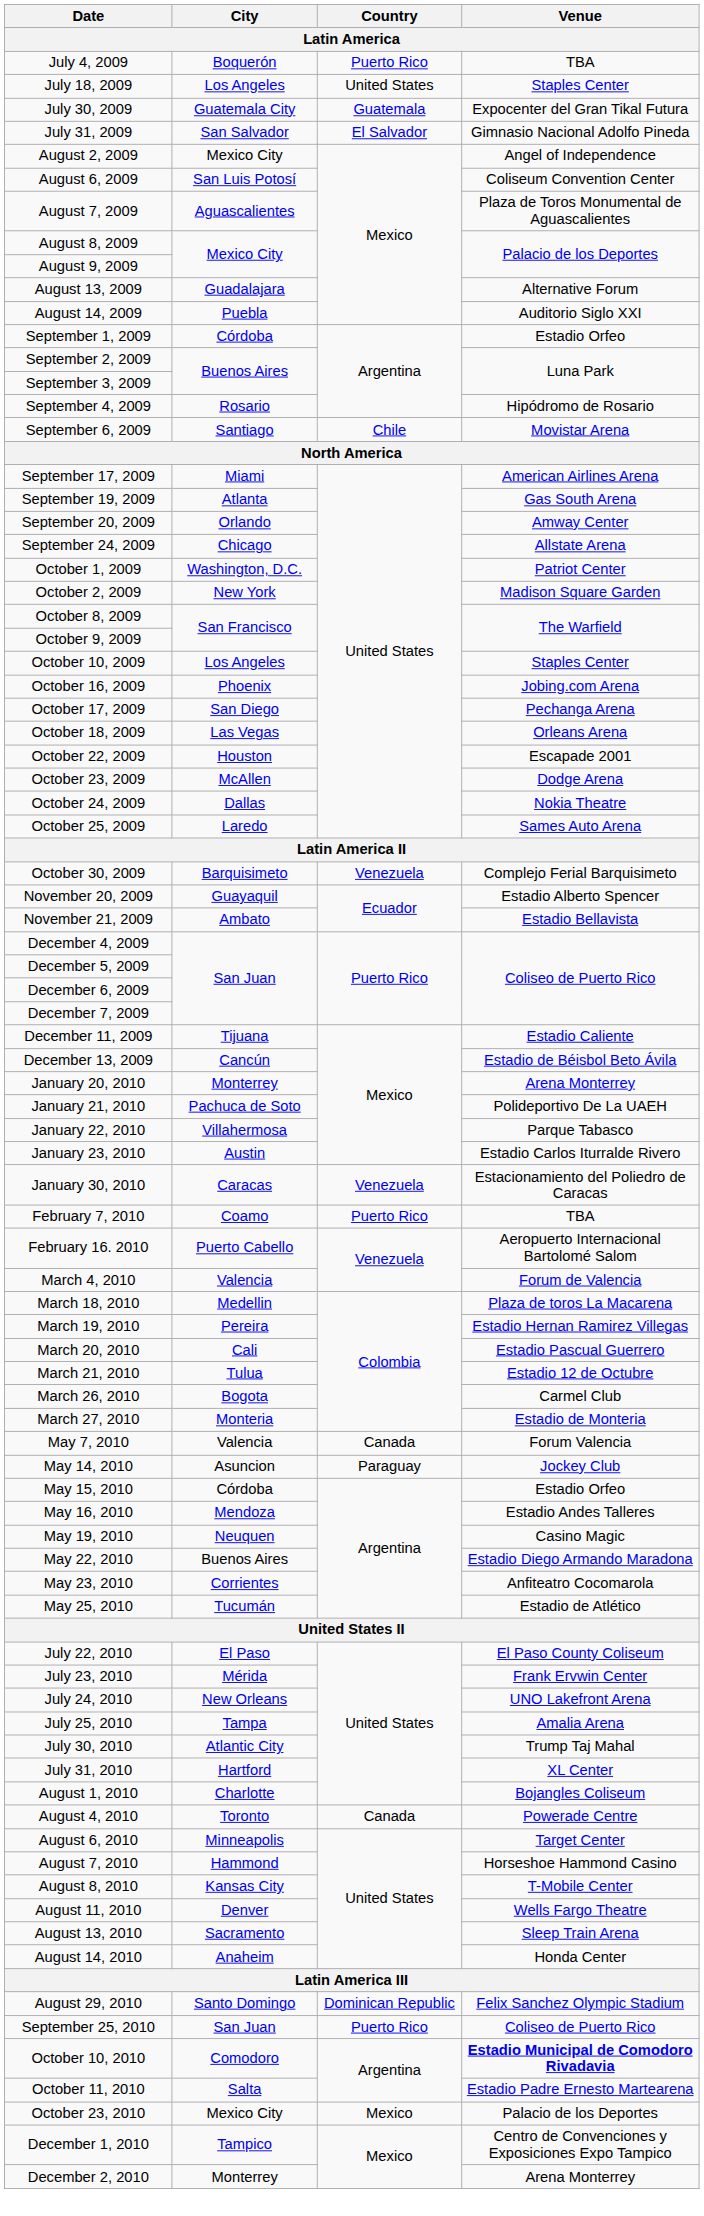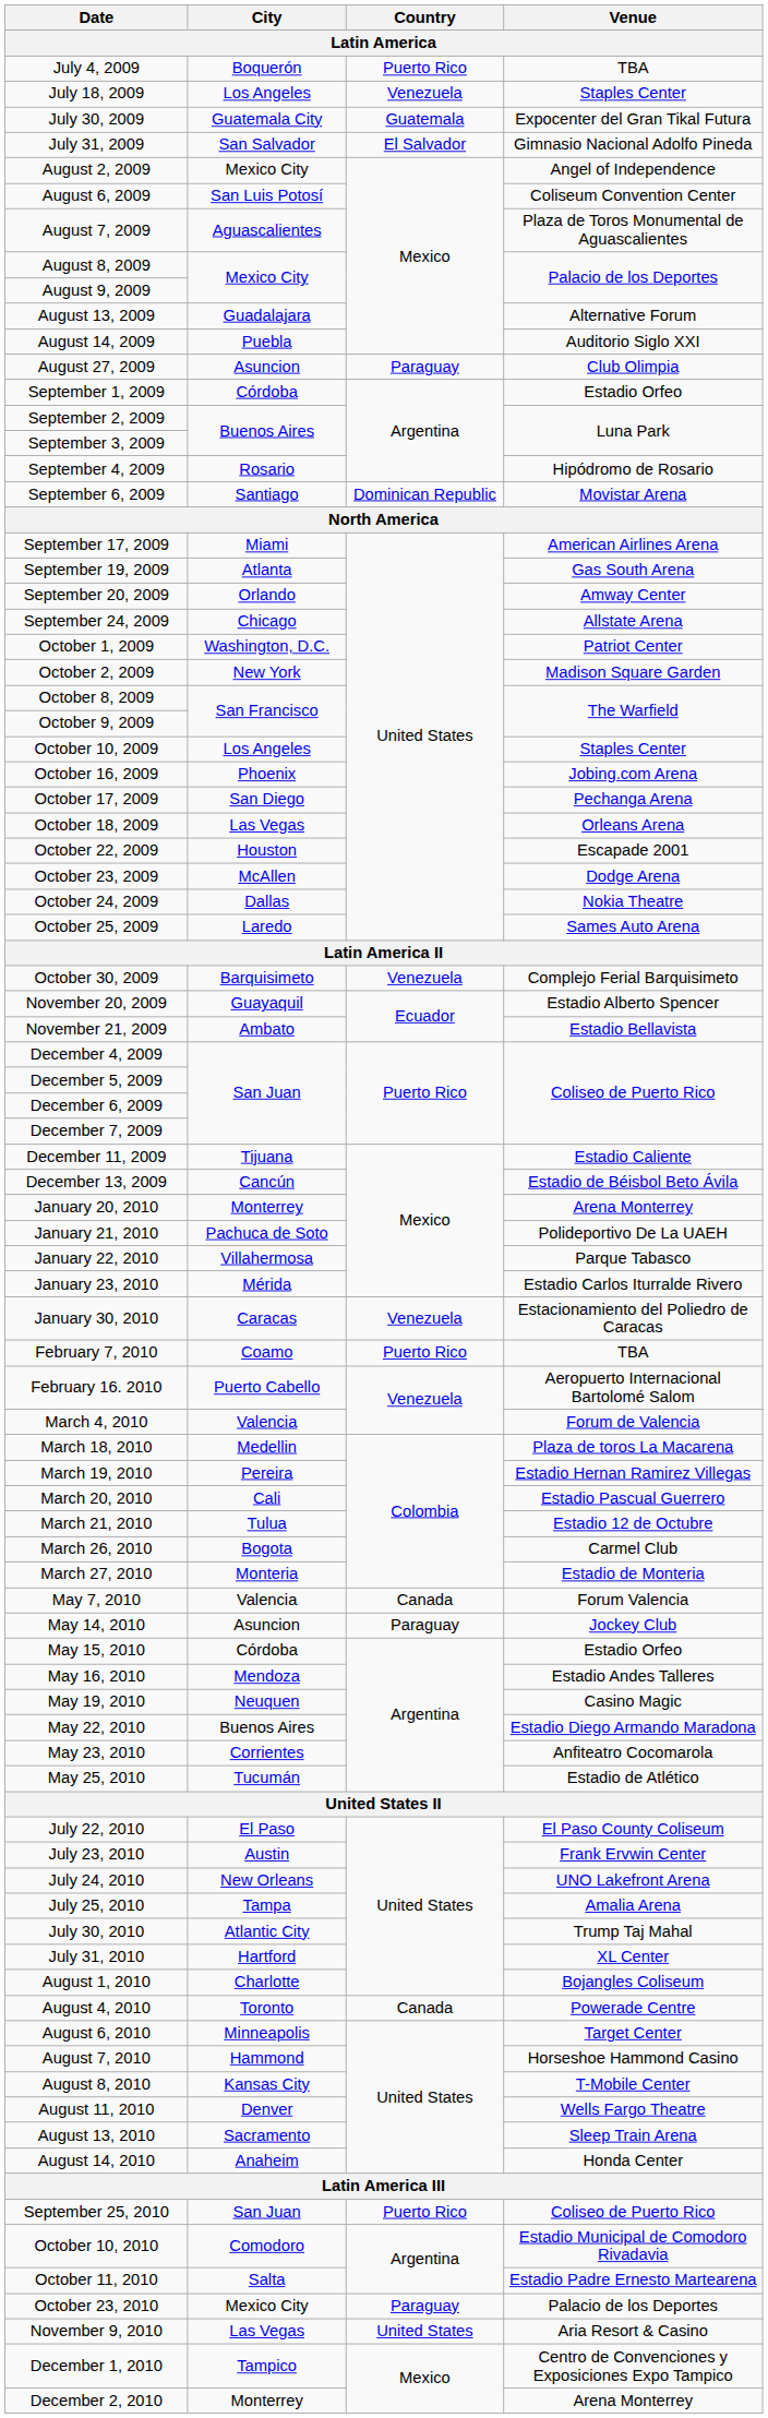 <table class="wikitable" style="text-align:center;">
 <tr>
 <th style="width:175px;">Date</th>
 <th style="width:150px;">City</th>
 <th style="width:150px;">Country</th>
 <th style="width:250px;">Venue</th>
 </tr>
 <tr>
 <th colspan="4">Latin America</th>
 </tr>
 <tr>
 <td>July 4, 2009</td>
 <td><a href='#'>Boquerón</a></td>
 <td><a href='#'>Puerto Rico</a></td>
 <td>TBA</td>
 </tr>
 <tr>
 <td>July 18, 2009</td>
 <td><a href='#'>Los Angeles</a></td>
-<td rowspan="1">United States</td>
+<td><a href='#'>Venezuela</a></td>
 <td><a href='#'>Staples Center</a></td>
 </tr>
 <tr>
 <td>July 30, 2009</td>
 <td><a href='#'>Guatemala City</a></td>
 <td><a href='#'>Guatemala</a></td>
 <td>Expocenter del Gran Tikal Futura</td>
 </tr>
 <tr>
 <td>July 31, 2009</td>
 <td><a href='#'>San Salvador</a></td>
 <td><a href='#'>El Salvador</a></td>
 <td>Gimnasio Nacional Adolfo Pineda</td>
 </tr>
 <tr>
 <td>August 2, 2009</td>
 <td>Mexico City</td>
 <td rowspan="7">Mexico</td>
 <td>Angel of Independence</td>
 </tr>
 <tr>
 <td>August 6, 2009</td>
 <td><a href='#'>San Luis Potosí</a></td>
 <td>Coliseum Convention Center</td>
 </tr>
 <tr>
 <td>August 7, 2009</td>
 <td><a href='#'>Aguascalientes</a></td>
 <td>Plaza de Toros Monumental de Aguascalientes</td>
 </tr>
 <tr>
 <td>August 8, 2009</td>
 <td rowspan="2"><a href='#'>Mexico City</a></td>
 <td rowspan="2"><a href='#'>Palacio de los Deportes</a></td>
 </tr>
 <tr>
 <td>August 9, 2009</td>
 </tr>
 <tr>
 <td>August 13, 2009</td>
 <td><a href='#'>Guadalajara</a></td>
 <td>Alternative Forum</td>
 </tr>
 <tr>
 <td>August 14, 2009</td>
 <td><a href='#'>Puebla</a></td>
 <td>Auditorio Siglo XXI</td>
 </tr>
 <tr>
+<td>August 27, 2009</td>
+<td><a href='#'>Asuncion</a></td>
+<td><a href='#'>Paraguay</a></td>
+<td><a href='#'>Club Olimpia</a></td>
+</tr>
+<tr>
 <td>September 1, 2009</td>
 <td><a href='#'>Córdoba</a></td>
 <td rowspan="4">Argentina</td>
 <td>Estadio Orfeo</td>
 </tr>
 <tr>
 <td>September 2, 2009</td>
 <td rowspan="2"><a href='#'>Buenos Aires</a></td>
 <td rowspan="2">Luna Park</td>
 </tr>
 <tr>
 <td>September 3, 2009</td>
 </tr>
 <tr>
 <td>September 4, 2009</td>
 <td><a href='#'>Rosario</a></td>
 <td>Hipódromo de Rosario</td>
 </tr>
 <tr>
 <td>September 6, 2009</td>
 <td><a href='#'>Santiago</a></td>
-<td><a href='#'>Chile</a></td>
+<td><a href='#'>Dominican Republic</a></td>
 <td><a href='#'>Movistar Arena</a></td>
 </tr>
 <tr>
 <th colspan="4">North America</th>
 </tr>
 <tr>
 <td>September 17, 2009</td>
 <td><a href='#'>Miami</a></td>
 <td rowspan="16">United States</td>
 <td><a href='#'>American Airlines Arena</a></td>
 </tr>
 <tr>
 <td>September 19, 2009</td>
 <td><a href='#'>Atlanta</a></td>
 <td><a href='#'>Gas South Arena</a></td>
 </tr>
 <tr>
 <td>September 20, 2009</td>
 <td><a href='#'>Orlando</a></td>
 <td><a href='#'>Amway Center</a></td>
 </tr>
 <tr>
 <td>September 24, 2009</td>
 <td><a href='#'>Chicago</a></td>
 <td><a href='#'>Allstate Arena</a></td>
 </tr>
 <tr>
 <td>October 1, 2009</td>
 <td><a href='#'>Washington, D.C.</a></td>
 <td><a href='#'>Patriot Center</a></td>
 </tr>
 <tr>
 <td>October 2, 2009</td>
 <td><a href='#'>New York</a></td>
 <td><a href='#'>Madison Square Garden</a></td>
 </tr>
 <tr>
 <td>October 8, 2009</td>
 <td rowspan="2"><a href='#'>San Francisco</a></td>
 <td rowspan="2"><a href='#'>The Warfield</a></td>
 </tr>
 <tr>
 <td>October 9, 2009</td>
 </tr>
 <tr>
 <td>October 10, 2009</td>
 <td><a href='#'>Los Angeles</a></td>
 <td><a href='#'>Staples Center</a></td>
 </tr>
 <tr>
 <td>October 16, 2009</td>
 <td><a href='#'>Phoenix</a></td>
 <td><a href='#'>Jobing.com Arena</a></td>
 </tr>
 <tr>
 <td>October 17, 2009</td>
 <td><a href='#'>San Diego</a></td>
 <td><a href='#'>Pechanga Arena</a></td>
 </tr>
 <tr>
 <td>October 18, 2009</td>
 <td><a href='#'>Las Vegas</a></td>
 <td><a href='#'>Orleans Arena</a></td>
 </tr>
 <tr>
 <td>October 22, 2009</td>
 <td><a href='#'>Houston</a></td>
 <td>Escapade 2001</td>
 </tr>
 <tr>
 <td>October 23, 2009</td>
 <td><a href='#'>McAllen</a></td>
 <td><a href='#'>Dodge Arena</a></td>
 </tr>
 <tr>
 <td>October 24, 2009</td>
 <td><a href='#'>Dallas</a></td>
 <td><a href='#'>Nokia Theatre</a></td>
 </tr>
 <tr>
 <td>October 25, 2009</td>
 <td><a href='#'>Laredo</a></td>
 <td><a href='#'>Sames Auto Arena</a></td>
 </tr>
 <tr>
 <th colspan="4">Latin America II</th>
 </tr>
 <tr>
 <td>October 30, 2009</td>
 <td><a href='#'>Barquisimeto</a></td>
 <td><a href='#'>Venezuela</a></td>
 <td>Complejo Ferial Barquisimeto</td>
 </tr>
 <tr>
 <td>November 20, 2009</td>
 <td><a href='#'>Guayaquil</a></td>
 <td rowspan="2"><a href='#'>Ecuador</a></td>
 <td>Estadio Alberto Spencer</td>
 </tr>
 <tr>
 <td>November 21, 2009</td>
 <td><a href='#'>Ambato</a></td>
 <td><a href='#'>Estadio Bellavista</a></td>
 </tr>
 <tr>
 <td>December 4, 2009</td>
 <td rowspan="4"><a href='#'>San Juan</a></td>
 <td rowspan="4"><a href='#'>Puerto Rico</a></td>
 <td rowspan="4"><a href='#'>Coliseo de Puerto Rico</a></td>
 </tr>
 <tr>
 <td>December 5, 2009</td>
 </tr>
 <tr>
 <td>December 6, 2009</td>
 </tr>
 <tr>
 <td>December 7, 2009</td>
 </tr>
 <tr>
 <td>December 11, 2009</td>
 <td><a href='#'>Tijuana</a></td>
 <td rowspan="6">Mexico</td>
 <td><a href='#'>Estadio Caliente</a></td>
 </tr>
 <tr>
 <td>December 13, 2009</td>
 <td><a href='#'>Cancún</a></td>
 <td><a href='#'>Estadio de Béisbol Beto Ávila</a></td>
 </tr>
 <tr>
 <td>January 20, 2010</td>
 <td><a href='#'>Monterrey</a></td>
 <td><a href='#'>Arena Monterrey</a></td>
 </tr>
 <tr>
 <td>January 21, 2010</td>
 <td><a href='#'>Pachuca de Soto</a></td>
 <td>Polideportivo De La UAEH</td>
 </tr>
 <tr>
 <td>January 22, 2010</td>
 <td><a href='#'>Villahermosa</a></td>
 <td>Parque Tabasco</td>
 </tr>
 <tr>
 <td>January 23, 2010</td>
-<td><a href='#'>Austin</a></td>
+<td><a href='#'>Mérida</a></td>
 <td>Estadio Carlos Iturralde Rivero</td>
 </tr>
 <tr>
 <td>January 30, 2010</td>
 <td><a href='#'>Caracas</a></td>
 <td rowspan="1"><a href='#'>Venezuela</a></td>
 <td>Estacionamiento del Poliedro de Caracas</td>
 </tr>
 <tr>
 <td>February 7, 2010</td>
 <td><a href='#'>Coamo</a></td>
 <td><a href='#'>Puerto Rico</a></td>
 <td>TBA</td>
 </tr>
 <tr>
 <td>February 16. 2010</td>
 <td><a href='#'>Puerto Cabello</a></td>
 <td rowspan="2”"><a href='#'>Venezuela</a></td>
 <td>Aeropuerto Internacional Bartolomé Salom</td>
 </tr>
 <tr>
 <td>March 4, 2010</td>
 <td><a href='#'>Valencia</a></td>
 <td><a href='#'>Forum de Valencia</a></td>
 </tr>
 <tr>
 <td>March 18, 2010</td>
 <td><a href='#'>Medellin</a></td>
 <td rowspan="6"><a href='#'>Colombia</a></td>
 <td><a href='#'>Plaza de toros La Macarena</a></td>
 </tr>
 <tr>
 <td>March 19, 2010</td>
 <td><a href='#'>Pereira</a></td>
 <td><a href='#'>Estadio Hernan Ramirez Villegas</a></td>
 </tr>
 <tr>
 <td>March 20, 2010</td>
 <td><a href='#'>Cali</a></td>
 <td><a href='#'>Estadio Pascual Guerrero</a></td>
 </tr>
 <tr>
 <td>March 21, 2010</td>
 <td><a href='#'>Tulua</a></td>
 <td><a href='#'>Estadio 12 de Octubre</a></td>
 </tr>
 <tr>
 <td>March 26, 2010</td>
 <td><a href='#'>Bogota</a></td>
 <td>Carmel Club</td>
 </tr>
 <tr>
 <td>March 27, 2010</td>
 <td><a href='#'>Monteria</a></td>
 <td><a href='#'>Estadio de Monteria</a></td>
 </tr>
 <tr>
 <td>May 7, 2010</td>
 <td>Valencia</td>
 <td>Canada</td>
 <td>Forum Valencia</td>
 </tr>
 <tr>
 <td>May 14, 2010</td>
 <td>Asuncion</td>
 <td>Paraguay</td>
 <td><a href='#'>Jockey Club</a></td>
 </tr>
 <tr>
 <td>May 15, 2010</td>
 <td>Córdoba</td>
 <td rowspan="6">Argentina</td>
 <td>Estadio Orfeo</td>
 </tr>
 <tr>
 <td>May 16, 2010</td>
 <td><a href='#'>Mendoza</a></td>
 <td>Estadio Andes Talleres</td>
 </tr>
 <tr>
 <td>May 19, 2010</td>
 <td><a href='#'>Neuquen</a></td>
 <td>Casino Magic</td>
 </tr>
 <tr>
 <td>May 22, 2010</td>
 <td>Buenos Aires</td>
 <td><a href='#'>Estadio Diego Armando Maradona</a></td>
 </tr>
 <tr>
 <td>May 23, 2010</td>
 <td><a href='#'>Corrientes</a></td>
 <td>Anfiteatro Cocomarola</td>
 </tr>
 <tr>
 <td>May 25, 2010</td>
 <td><a href='#'>Tucumán</a></td>
 <td>Estadio de Atlético</td>
 </tr>
 <tr>
 <th colspan="4">United States II</th>
 </tr>
 <tr>
 <td>July 22, 2010</td>
 <td><a href='#'>El Paso</a></td>
 <td rowspan="7">United States</td>
 <td><a href='#'>El Paso County Coliseum</a></td>
 </tr>
 <tr>
 <td>July 23, 2010</td>
-<td><a href='#'>Mérida</a></td>
+<td><a href='#'>Austin</a></td>
 <td><a href='#'>Frank Ervwin Center</a></td>
 </tr>
 <tr>
 <td>July 24, 2010</td>
 <td><a href='#'>New Orleans</a></td>
 <td><a href='#'>UNO Lakefront Arena</a></td>
 </tr>
 <tr>
 <td>July 25, 2010</td>
 <td><a href='#'>Tampa</a></td>
 <td><a href='#'>Amalia Arena</a></td>
 </tr>
 <tr>
 <td>July 30, 2010</td>
 <td><a href='#'>Atlantic City</a></td>
 <td>Trump Taj Mahal</td>
 </tr>
 <tr>
 <td>July 31, 2010</td>
 <td><a href='#'>Hartford</a></td>
 <td><a href='#'>XL Center</a></td>
 </tr>
 <tr>
 <td>August 1, 2010</td>
 <td><a href='#'>Charlotte</a></td>
 <td><a href='#'>Bojangles Coliseum</a></td>
 </tr>
 <tr>
 <td>August 4, 2010</td>
 <td><a href='#'>Toronto</a></td>
 <td>Canada</td>
 <td><a href='#'>Powerade Centre</a></td>
 </tr>
 <tr>
 <td>August 6, 2010</td>
 <td><a href='#'>Minneapolis</a></td>
 <td rowspan="6">United States</td>
 <td><a href='#'>Target Center</a></td>
 </tr>
 <tr>
 <td>August 7, 2010</td>
 <td><a href='#'>Hammond</a></td>
 <td>Horseshoe Hammond Casino</td>
 </tr>
 <tr>
 <td>August 8, 2010</td>
 <td><a href='#'>Kansas City</a></td>
 <td><a href='#'>T-Mobile Center</a></td>
 </tr>
 <tr>
 <td>August 11, 2010</td>
 <td><a href='#'>Denver</a></td>
 <td><a href='#'>Wells Fargo Theatre</a></td>
 </tr>
 <tr>
 <td>August 13, 2010</td>
 <td><a href='#'>Sacramento</a></td>
 <td><a href='#'>Sleep Train Arena</a></td>
 </tr>
 <tr>
 <td>August 14, 2010</td>
 <td><a href='#'>Anaheim</a></td>
 <td>Honda Center</td>
 </tr>
 <tr>
 <th colspan="4">Latin America III</th>
 </tr>
 <tr>
-<td>August 29, 2010</td>
-<td><a href='#'>Santo Domingo</a></td>
-<td><a href='#'>Dominican Republic</a></td>
-<td><a href='#'>Felix Sanchez Olympic Stadium</a></td>
-</tr>
-<tr>
 <td>September 25, 2010</td>
 <td><a href='#'>San Juan</a></td>
 <td><a href='#'>Puerto Rico</a></td>
 <td><a href='#'>Coliseo de Puerto Rico</a></td>
 </tr>
 <tr>
 <td>October 10, 2010</td>
 <td><a href='#'>Comodoro</a></td>
 <td rowspan="2">Argentina</td>
-<td><strong><a href='#'>Estadio Municipal de Comodoro Rivadavia</a></strong></td>
+<td><a href='#'>Estadio Municipal de Comodoro Rivadavia</a></td>
 </tr>
 <tr>
 <td>October 11, 2010</td>
 <td><a href='#'>Salta</a></td>
 <td><a href='#'>Estadio Padre Ernesto Martearena</a></td>
 </tr>
 <tr>
 <td>October 23, 2010</td>
 <td>Mexico City</td>
-<td>Mexico</td>
+<td><a href='#'>Paraguay</a></td>
 <td>Palacio de los Deportes</td>
+</tr>
+<tr>
+<td>November 9, 2010</td>
+<td><a href='#'>Las Vegas</a></td>
+<td><a href='#'>United States</a></td>
+<td>Aria Resort & Casino</td>
 </tr>
 <tr>
 <td>December 1, 2010</td>
 <td><a href='#'>Tampico</a></td>
 <td rowspan="2">Mexico</td>
 <td>Centro de Convenciones y Exposiciones Expo Tampico</td>
 </tr>
 <tr>
 <td>December 2, 2010</td>
 <td>Monterrey</td>
 <td>Arena Monterrey</td>
 </tr>
 </table>
